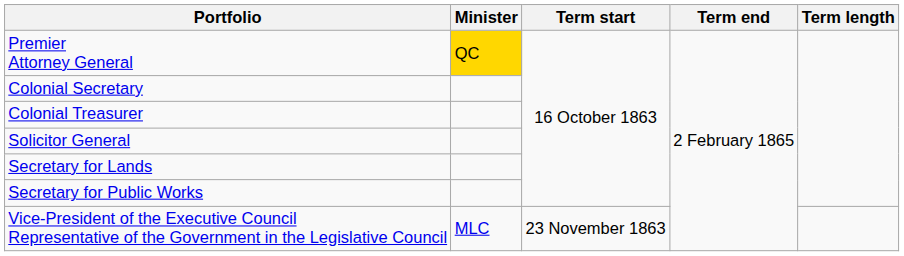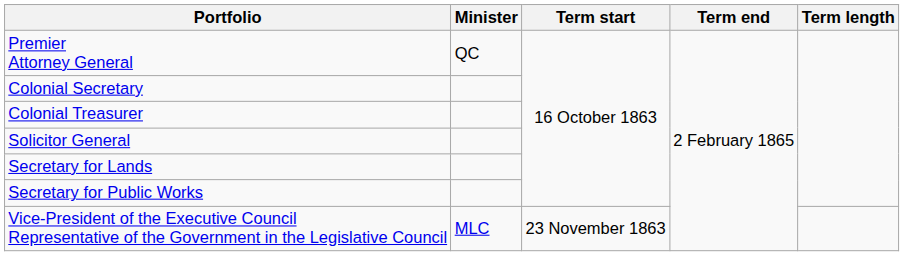 <table class="wikitable sortable">
 <tr>
 <th>Portfolio</th>
 <th>Minister</th>
 <th>Term start</th>
 <th>Term end</th>
 <th>Term length</th>
 </tr>
 <tr>
 <td><a href='#'>Premier</a><br><a href='#'>Attorney General</a></td>
-<td style="background: gold;"> QC</td>
+<td> QC</td>
 <td rowspan="6" align="center">16 October 1863</td>
 <td rowspan="7" align="center">2 February 1865</td>
 <td rowspan="6" align="center"></td>
 </tr>
 <tr>
 <td><a href='#'>Colonial Secretary</a></td>
 <td></td>
 </tr>
 <tr>
 <td><a href='#'>Colonial Treasurer</a></td>
 <td></td>
 </tr>
 <tr>
 <td><a href='#'>Solicitor General</a></td>
 <td></td>
 </tr>
 <tr>
 <td><a href='#'>Secretary for Lands</a></td>
 <td></td>
 </tr>
 <tr>
 <td><a href='#'>Secretary for Public Works</a></td>
 <td></td>
 </tr>
 <tr>
 <td><a href='#'>Vice-President of the Executive Council</a><br><a href='#'>Representative of the Government in the Legislative Council</a></td>
 <td> <a href='#'>MLC</a></td>
 <td align="center">23 November 1863</td>
 <td align="center"></td>
 </tr>
 </table>
